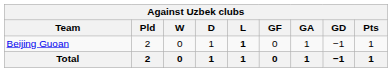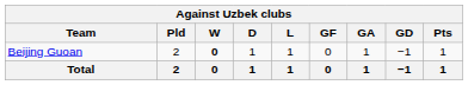 <table width=70% class="wikitable" style="text-align:center">
 <tr>
 <th colspan=9>Against Uzbek clubs</th>
 </tr>
 <tr>
 <th width=20%>Team</th>
 <th width=5%>Pld</th>
 <th width=5%>W</th>
 <th width=5%>D</th>
 <th width=5%>L</th>
 <th width=5%>GF</th>
 <th width=5%>GA</th>
 <th width=5%>GD</th>
 <th width=5%>Pts</th>
 </tr>
 <tr>
 <td align=left> <a href='#'>Beijing Guoan</a></td>
 <td>2</td>
-<td>0</td>
+<td><strong>0</strong></td>
 <td>1</td>
-<td><strong>1</strong></td>
+<td>1</td>
 <td>0</td>
 <td>1</td>
 <td>−1</td>
 <td>1</td>
 </tr>
 <tr>
 <th>Total</th>
 <th>2</th>
 <th>0</th>
 <th>1</th>
 <th>1</th>
 <th>0</th>
 <th>1</th>
 <th>−1</th>
 <th>1</th>
 </tr>
 </table>
